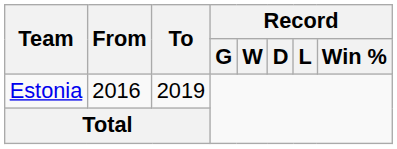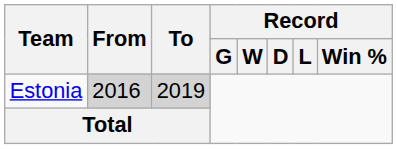 <table class="wikitable" style="text-align: center">
 <tr>
 <th rowspan="2">Team</th>
 <th rowspan="2">From</th>
 <th rowspan="2">To</th>
 <th colspan="5">Record</th>
 </tr>
 <tr>
 <th>G</th>
 <th>W</th>
 <th>D</th>
 <th>L</th>
 <th>Win %</th>
 </tr>
 <tr>
 <td align=left><a href='#'>Estonia</a></td>
-<td align=left>2016</td>
-<td align=left>2019<br></td>
+<td align=left style="background: lightgrey;">2016</td>
+<td align=left style="background: lightgrey;">2019<br></td>
 </tr>
 <tr>
 <th colspan="3">Total<br></th>
 </tr>
 </table>
